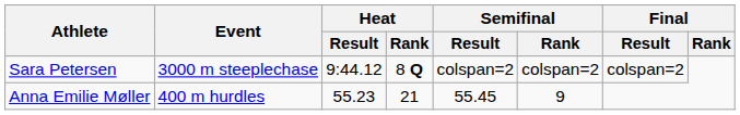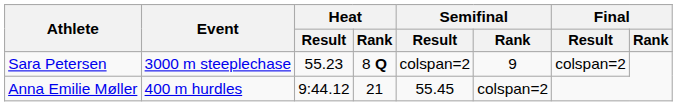 <table class=wikitable style=font-size:90%>
 <tr>
 <th rowspan=2>Athlete</th>
 <th rowspan=2>Event</th>
 <th colspan=2>Heat</th>
 <th colspan=2>Semifinal</th>
 <th colspan=2>Final</th>
 </tr>
 <tr style=font-size:95%>
 <th>Result</th>
 <th>Rank</th>
 <th>Result</th>
 <th>Rank</th>
 <th>Result</th>
 <th>Rank</th>
 </tr>
 <tr align=center>
 <td align=left><a href='#'>Sara Petersen</a></td>
 <td align=left><a href='#'>3000 m steeplechase</a></td>
-<td>9:44.12</td>
+<td>55.23</td>
 <td>8 <strong>Q</strong></td>
 <td>colspan=2 </td>
-<td>colspan=2 </td>
+<td>9</td>
 <td>colspan=2 </td>
 </tr>
 <tr align=center>
 <td align=left><a href='#'>Anna Emilie Møller</a></td>
 <td align=left><a href='#'>400 m hurdles</a></td>
-<td>55.23</td>
+<td>9:44.12</td>
 <td>21</td>
 <td>55.45</td>
-<td>9</td>
+<td>colspan=2 </td>
 </tr>
 </table>
